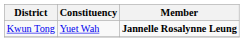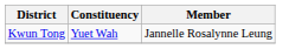 <table class="wikitable" style="text-align:left;">
 <tr>
 <th>District</th>
 <th>Constituency</th>
 <th>Member</th>
 </tr>
 <tr>
 <td rowspan=1><a href='#'>Kwun Tong</a></td>
 <td><a href='#'>Yuet Wah</a></td>
-<td><strong>Jannelle Rosalynne Leung</strong></td>
+<td>Jannelle Rosalynne Leung</td>
 </tr>
 <tr>
 </tr>
 </table>
